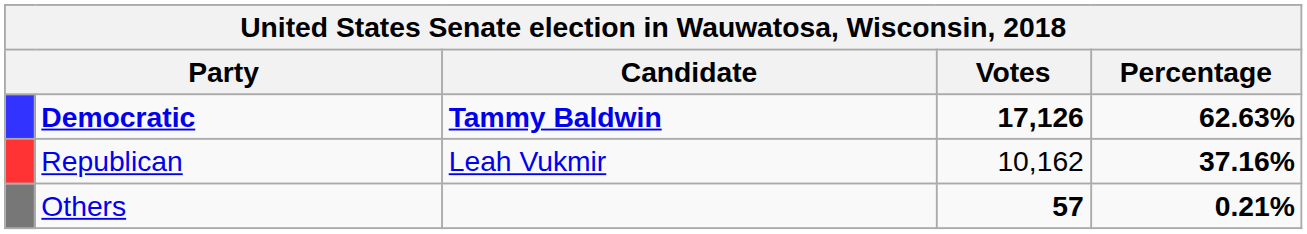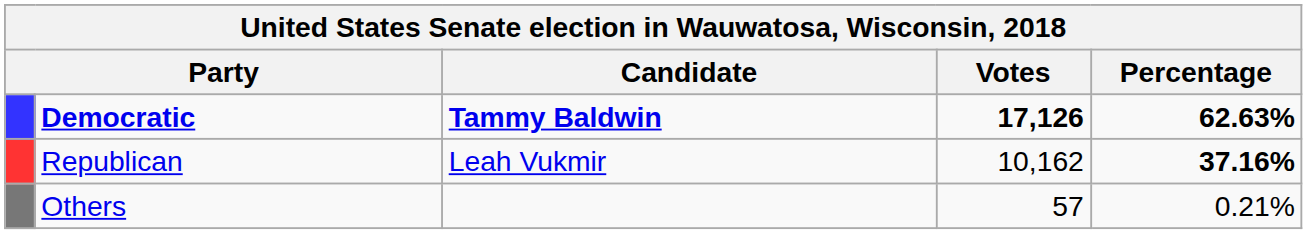 <table class="wikitable" style="font-size:95%;">
 <tr>
 <th colspan="7">United States Senate election in Wauwatosa, Wisconsin, 2018</th>
 </tr>
 <tr>
 <th colspan="2" style="width: 15em">Party</th>
 <th style="width: 17em">Candidate</th>
 <th style="width: 5em">Votes</th>
 <th style="width: 7em">Percentage</th>
 </tr>
 <tr>
 <th style="background:#33f; width:3px;"></th>
 <td style="width: 130px"><strong><a href='#'>Democratic</a></strong></td>
 <td><strong><a href='#'>Tammy Baldwin</a></strong></td>
 <td style="text-align:right;"><strong>17,126</strong></td>
 <td style="text-align:right;"><strong>62.63%</strong></td>
 </tr>
 <tr>
 <th style="background:#f33; width:3px;"></th>
 <td style="width: 130px"><a href='#'>Republican</a></td>
 <td><a href='#'>Leah Vukmir</a></td>
 <td style="text-align:right;">10,162</td>
 <td style="text-align:right;"><strong>37.16%</strong></td>
 </tr>
 <tr>
 <th style="background:#777; width:3px;"></th>
 <td style="width: 130px"><a href='#'>Others</a></td>
 <td></td>
-<td style="text-align:right;"><strong>57</strong></td>
-<td style="text-align:right;"><strong>0.21%</strong></td>
+<td style="text-align:right;">57</td>
+<td style="text-align:right;">0.21%</td>
 </tr>
 </table>
